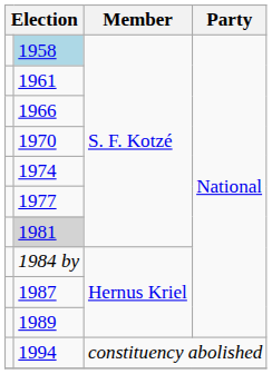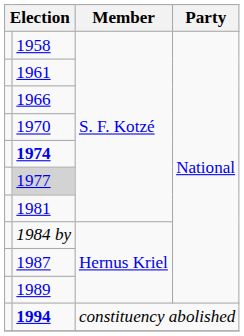 <table class="wikitable">
 <tr>
 <th colspan="2">Election</th>
 <th>Member</th>
 <th>Party</th>
 </tr>
 <tr>
 <td style="background-color: "></td>
-<td style="background: lightblue;"><a href='#'>1958</a></td>
+<td><a href='#'>1958</a></td>
 <td rowspan="7"><a href='#'>S. F. Kotzé</a></td>
 <td rowspan="10"><a href='#'>National</a></td>
 </tr>
 <tr>
 <td style="background-color: "></td>
 <td><a href='#'>1961</a></td>
 </tr>
 <tr>
 <td style="background-color: "></td>
 <td><a href='#'>1966</a></td>
 </tr>
 <tr>
 <td style="background-color: "></td>
 <td><a href='#'>1970</a></td>
 </tr>
 <tr>
 <td style="background-color: "></td>
-<td><a href='#'>1974</a></td>
+<td><strong><a href='#'>1974</a></strong></td>
 </tr>
 <tr>
 <td style="background-color: "></td>
-<td><a href='#'>1977</a></td>
+<td style="background: lightgrey;"><a href='#'>1977</a></td>
 </tr>
 <tr>
 <td style="background-color: "></td>
-<td style="background: lightgrey;"><a href='#'>1981</a></td>
+<td><a href='#'>1981</a></td>
 </tr>
 <tr>
 <td style="background-color: "></td>
 <td><em>1984 by</em></td>
 <td rowspan="3"><a href='#'>Hernus Kriel</a></td>
 </tr>
 <tr>
 <td style="background-color: "></td>
 <td><a href='#'>1987</a></td>
 </tr>
 <tr>
 <td style="background-color: "></td>
 <td><a href='#'>1989</a></td>
 </tr>
 <tr>
 <td style="background-color: "></td>
-<td><a href='#'>1994</a></td>
+<td><strong><a href='#'>1994</a></strong></td>
 <td colspan="2"><em>constituency abolished</em></td>
 </tr>
 <tr>
 </tr>
 </table>
